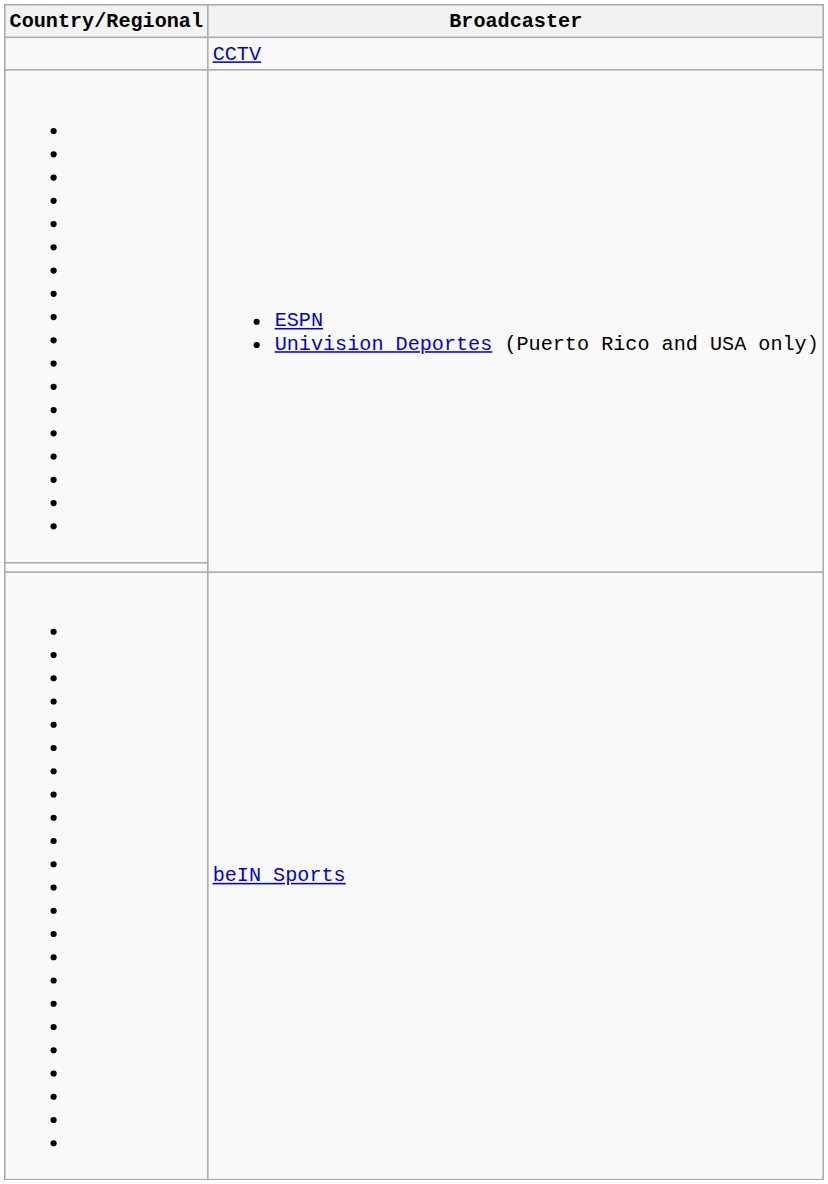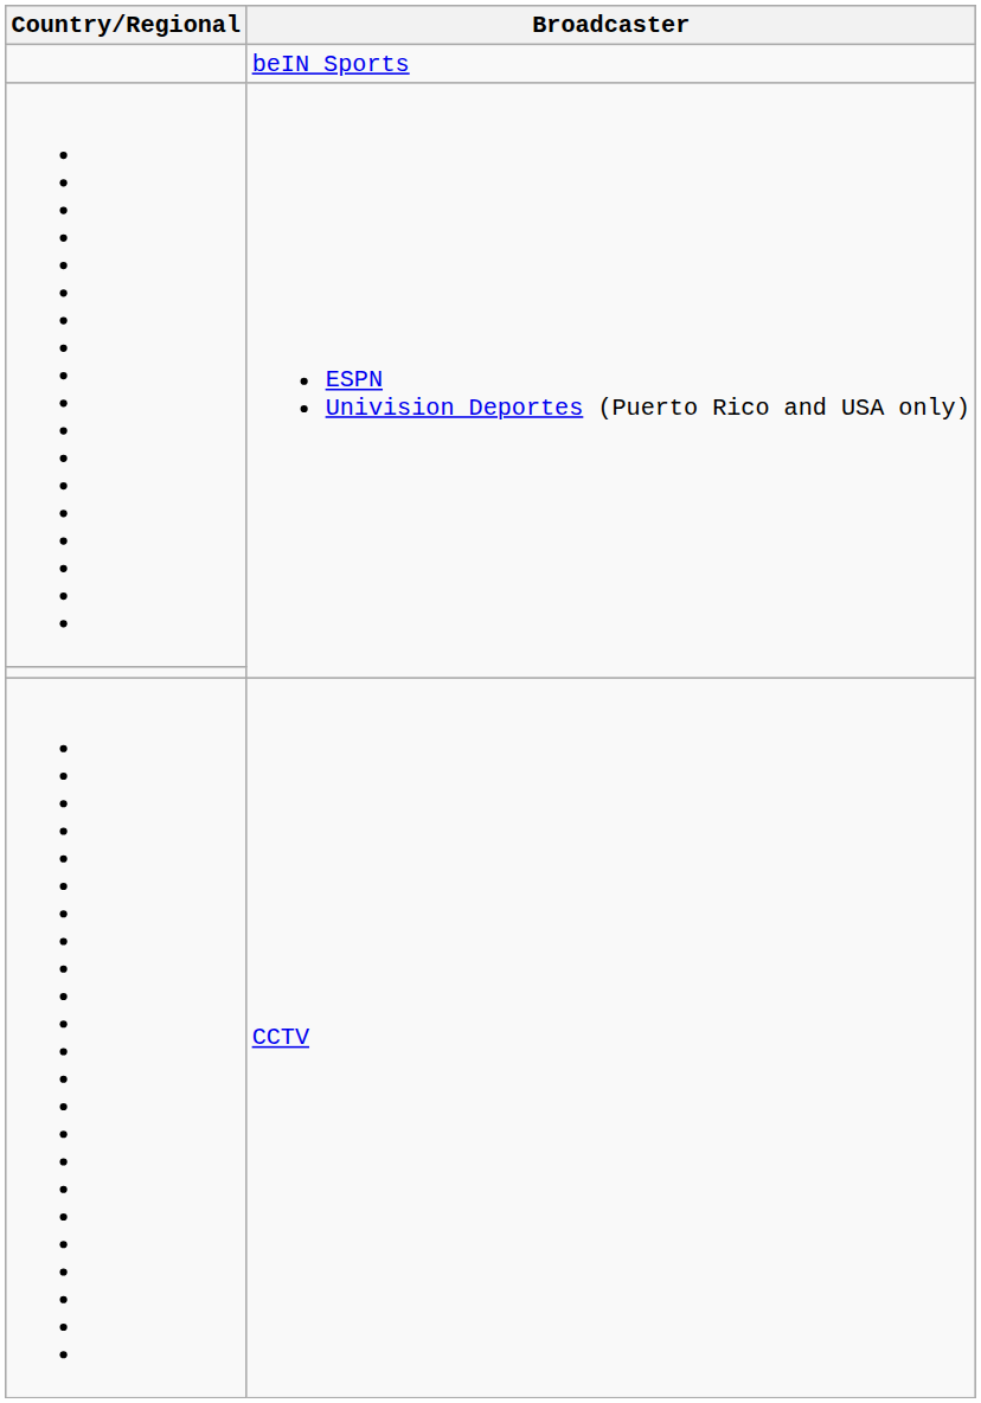 <table class="wikitable">
 <tr>
 <th>Country/Regional</th>
 <th>Broadcaster</th>
 </tr>
 <tr>
 <td></td>
-<td><a href='#'>CCTV</a></td>
+<td><a href='#'>beIN Sports</a></td>
 </tr>
 <tr>
 <td><br><ul><li></li><li></li><li></li><li></li><li></li><li></li><li></li><li></li><li></li><li></li><li></li><li></li><li></li><li></li><li></li><li></li><li></li><li></li></ul></td>
 <td rowspan="2"><br><ul><li><a href='#'>ESPN</a></li><li><a href='#'>Univision Deportes</a> (Puerto Rico and USA only)</li></ul></td>
 </tr>
 <tr>
 <td></td>
 </tr>
 <tr>
 <td><br><ul><li></li><li></li><li></li><li></li><li></li><li></li><li></li><li></li><li></li><li></li><li></li><li></li><li></li><li></li><li></li><li></li><li></li><li></li><li></li><li></li><li></li><li></li><li></li></ul></td>
-<td><a href='#'>beIN Sports</a></td>
+<td><a href='#'>CCTV</a></td>
 </tr>
 </table>
